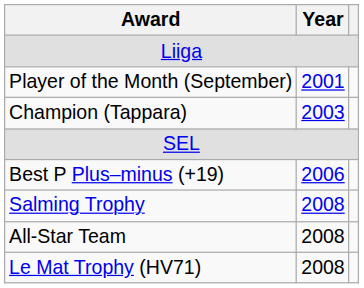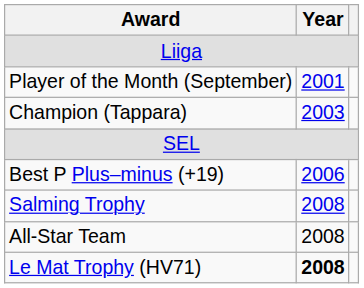 <table class="wikitable">
 <tr>
 <th>Award</th>
 <th>Year</th>
 <th></th>
 </tr>
 <tr ALIGN="center" bgcolor="#e0e0e0">
 <td colspan="3"><a href='#'>Liiga</a></td>
 </tr>
 <tr>
 <td>Player of the Month (September)</td>
 <td><a href='#'>2001</a></td>
 <td></td>
 </tr>
 <tr>
 <td>Champion (Tappara)</td>
 <td><a href='#'>2003</a></td>
 <td></td>
 </tr>
 <tr ALIGN="center" bgcolor="#e0e0e0">
 <td colspan="3"><a href='#'>SEL</a></td>
 </tr>
 <tr>
 <td>Best P <a href='#'>Plus–minus</a> (+19)</td>
 <td><a href='#'>2006</a></td>
 <td></td>
 </tr>
 <tr>
 <td><a href='#'>Salming Trophy</a></td>
 <td><a href='#'>2008</a></td>
 <td></td>
 </tr>
 <tr>
 <td>All-Star Team</td>
 <td>2008</td>
 <td></td>
 </tr>
 <tr>
 <td><a href='#'>Le Mat Trophy</a> (HV71)</td>
-<td>2008</td>
+<td><strong>2008</strong></td>
 <td></td>
 </tr>
 </table>
